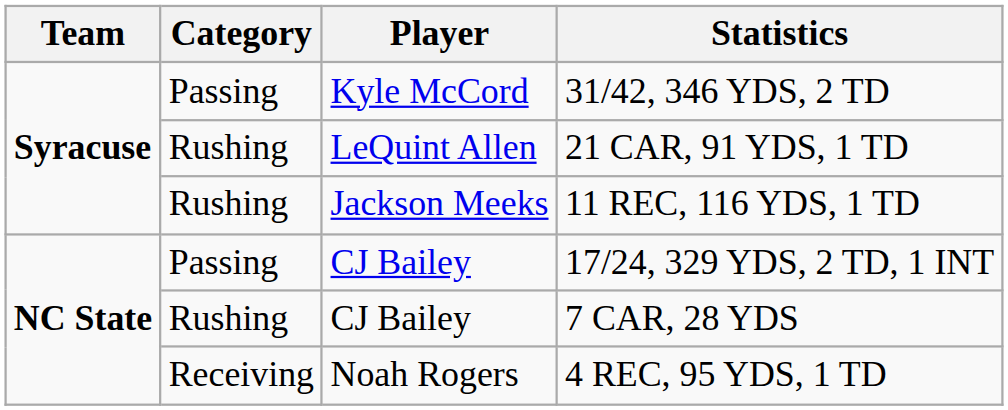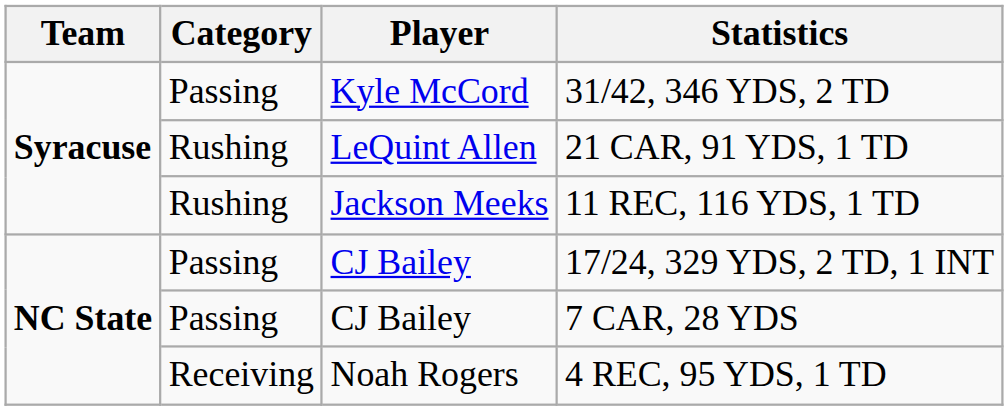 <table class="wikitable" style="float: right;">
 <tr>
 <th>Team</th>
 <th>Category</th>
 <th>Player</th>
 <th>Statistics</th>
 </tr>
 <tr>
 <td rowspan=3><strong>Syracuse</strong></td>
 <td>Passing</td>
 <td><a href='#'>Kyle McCord</a></td>
 <td>31/42, 346 YDS, 2 TD</td>
 </tr>
 <tr>
 <td>Rushing</td>
 <td><a href='#'>LeQuint Allen</a></td>
 <td>21 CAR, 91 YDS, 1 TD</td>
 </tr>
 <tr>
 <td>Rushing</td>
 <td><a href='#'>Jackson Meeks</a></td>
 <td>11 REC, 116 YDS, 1 TD</td>
 </tr>
 <tr>
 <td rowspan=3><strong>NC State</strong></td>
 <td>Passing</td>
 <td><a href='#'>CJ Bailey</a></td>
 <td>17/24, 329 YDS, 2 TD, 1 INT</td>
 </tr>
 <tr>
-<td>Rushing</td>
+<td>Passing</td>
 <td>CJ Bailey</td>
 <td>7 CAR, 28 YDS</td>
 </tr>
 <tr>
 <td>Receiving</td>
 <td>Noah Rogers</td>
 <td>4 REC, 95 YDS, 1 TD</td>
 </tr>
 </table>
